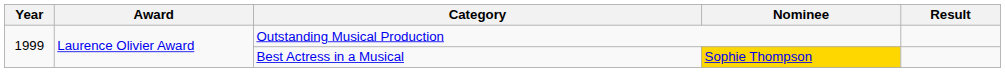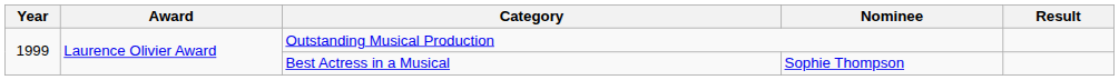 <table class="wikitable" width="95%">
 <tr>
 <th width="5%">Year</th>
 <th width="20%">Award</th>
 <th width="45%">Category</th>
 <th width="20%">Nominee</th>
 <th width="10%">Result</th>
 </tr>
 <tr>
 <td rowspan="2" align="center">1999</td>
 <td rowspan="2"><a href='#'>Laurence Olivier Award</a></td>
 <td colspan="2"><a href='#'>Outstanding Musical Production</a></td>
 <td></td>
 </tr>
 <tr>
 <td><a href='#'>Best Actress in a Musical</a></td>
-<td style="background: gold;"><a href='#'>Sophie Thompson</a></td>
+<td><a href='#'>Sophie Thompson</a></td>
 <td></td>
 </tr>
 </table>
